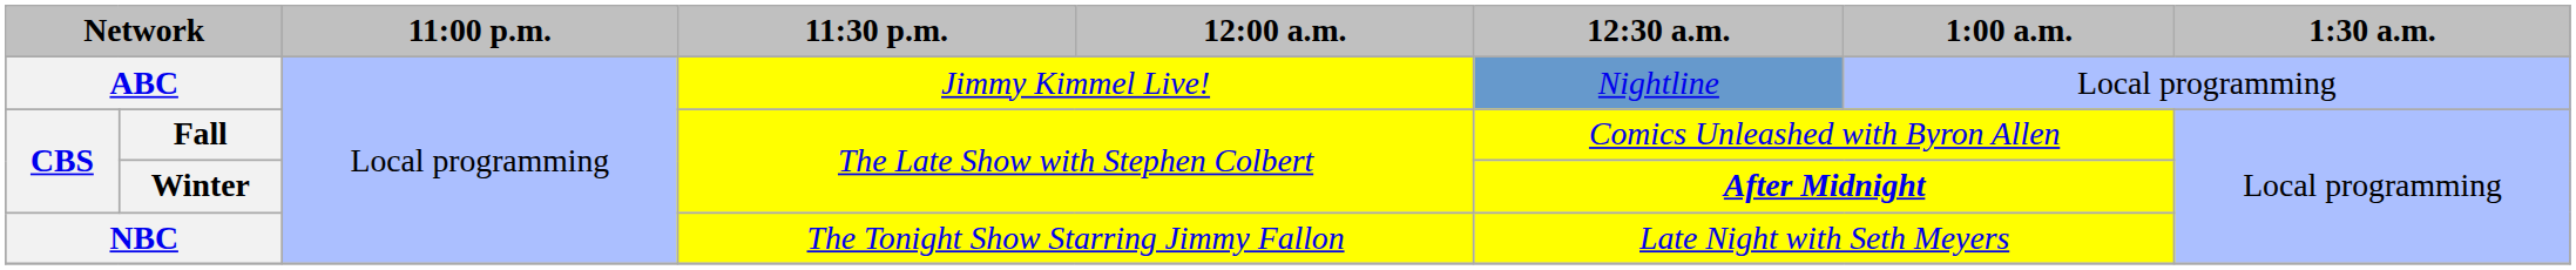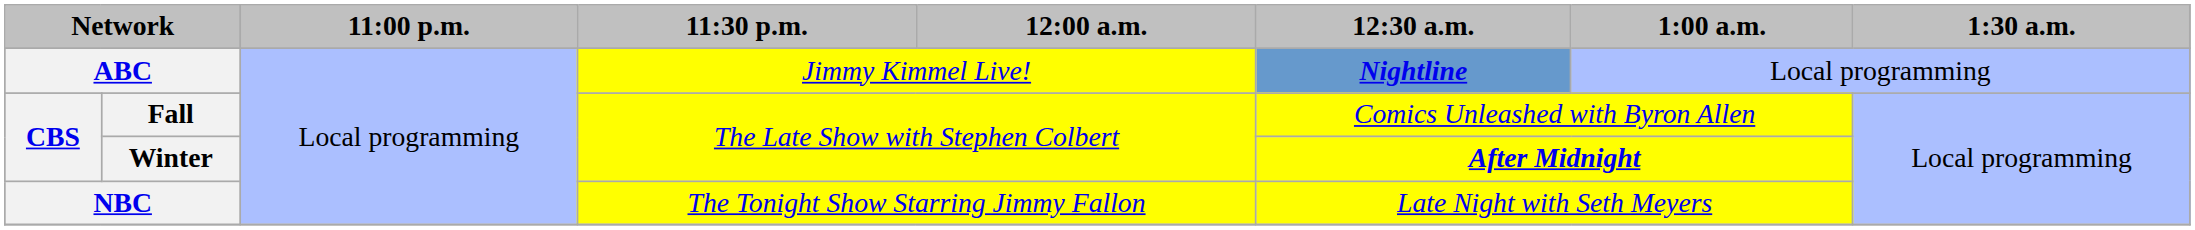 <table class="wikitable" style="width:100%;margin-right:0;text-align:center">
 <tr>
 <th colspan="2" style="background-color:#C0C0C0;text-align:center">Network</th>
 <th style="background-color:#C0C0C0;text-align:center">11:00 p.m.</th>
 <th style="background-color:#C0C0C0;text-align:center">11:30 p.m.</th>
 <th style="background-color:#C0C0C0;text-align:center">12:00 a.m.</th>
 <th style="background-color:#C0C0C0;text-align:center">12:30 a.m.</th>
 <th style="background-color:#C0C0C0;text-align:center">1:00 a.m.</th>
 <th style="background-color:#C0C0C0;text-align:center">1:30 a.m.</th>
 </tr>
 <tr>
 <th colspan="2"><a href='#'>ABC</a></th>
 <td rowspan="4" style="background:#abbfff">Local programming</td>
 <td colspan="2" style="background:yellow"><em><a href='#'>Jimmy Kimmel Live!</a></em> </td>
-<td style="background: #6699CC"><em><a href='#'>Nightline</a></em> </td>
+<td style="background: #6699CC"><strong><em><a href='#'>Nightline</a></em> </strong></td>
 <td colspan="2" style="background:#abbfff">Local programming </td>
 </tr>
 <tr>
 <th rowspan="2"><a href='#'>CBS</a></th>
 <th>Fall</th>
 <td colspan="2" rowspan="2" style="background:yellow"><em><a href='#'>The Late Show with Stephen Colbert</a></em> </td>
 <td colspan="2" style="background:yellow"><em><a href='#'>Comics Unleashed with Byron Allen</a></em> </td>
 <td rowspan="3" style="background:#abbfff">Local programming </td>
 </tr>
 <tr>
 <th>Winter</th>
 <td colspan="2" style="background:yellow"><strong><em><a href='#'>After Midnight</a></em></strong>  </td>
 </tr>
 <tr>
 <th colspan="2"><a href='#'>NBC</a></th>
 <td colspan="2" style="background:yellow"><em><a href='#'>The Tonight Show Starring Jimmy Fallon</a></em> </td>
 <td colspan="2" style="background:yellow"><em><a href='#'>Late Night with Seth Meyers</a></em> </td>
 </tr>
 <tr>
 </tr>
 </table>
